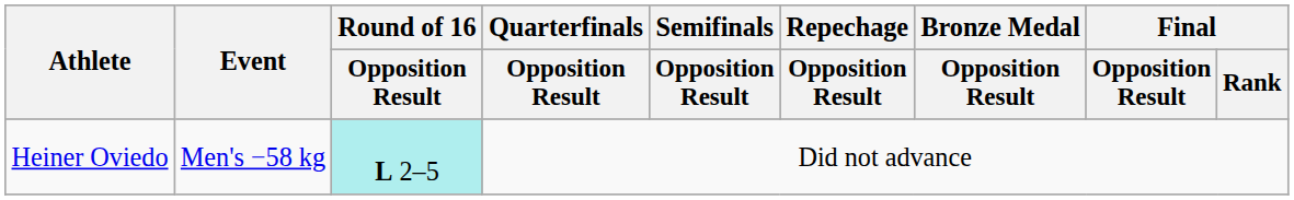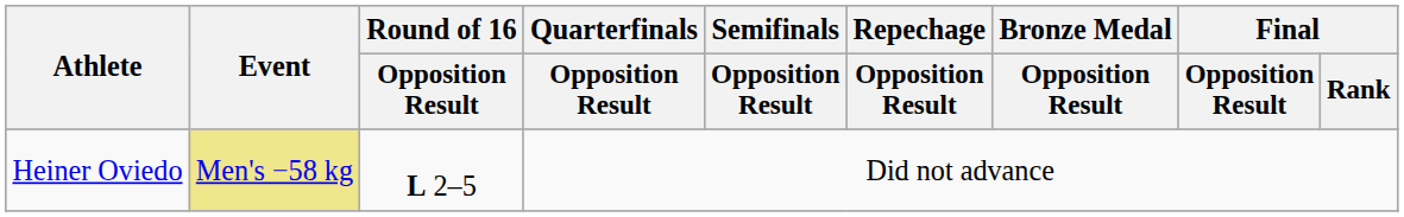 <table class="wikitable" style="font-size:90%">
 <tr>
 <th rowspan=2>Athlete</th>
 <th rowspan=2>Event</th>
 <th>Round of 16</th>
 <th>Quarterfinals</th>
 <th>Semifinals</th>
 <th>Repechage</th>
 <th>Bronze Medal</th>
 <th colspan=2>Final</th>
 </tr>
 <tr style="font-size:95%">
 <th>Opposition<br>Result</th>
 <th>Opposition<br>Result</th>
 <th>Opposition<br>Result</th>
 <th>Opposition<br>Result</th>
 <th>Opposition<br>Result</th>
 <th>Opposition<br>Result</th>
 <th>Rank</th>
 </tr>
 <tr align=center>
 <td align=left><a href='#'>Heiner Oviedo</a></td>
-<td align=left><a href='#'>Men's −58 kg</a></td>
-<td style="background: paleturquoise;"><br><strong>L</strong> 2–5</td>
+<td align=left style="background: khaki;"><a href='#'>Men's −58 kg</a></td>
+<td><br><strong>L</strong> 2–5</td>
 <td colspan=6>Did not advance</td>
 </tr>
 </table>
